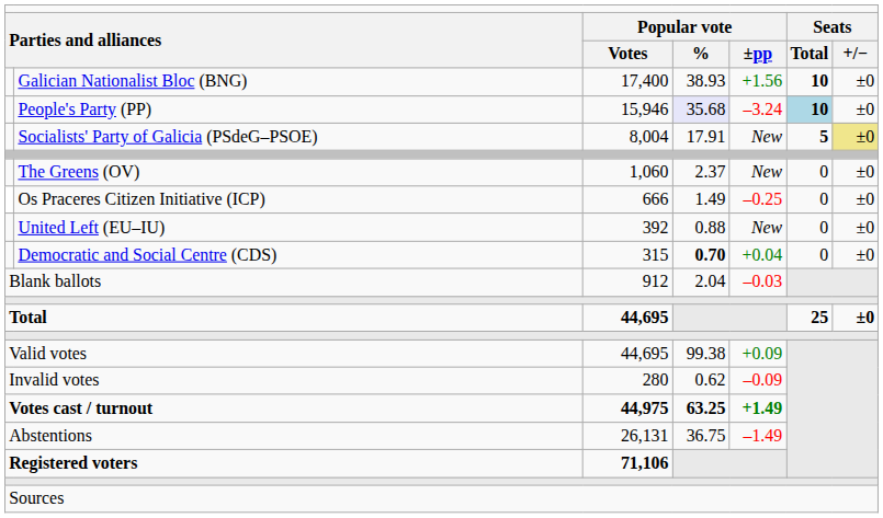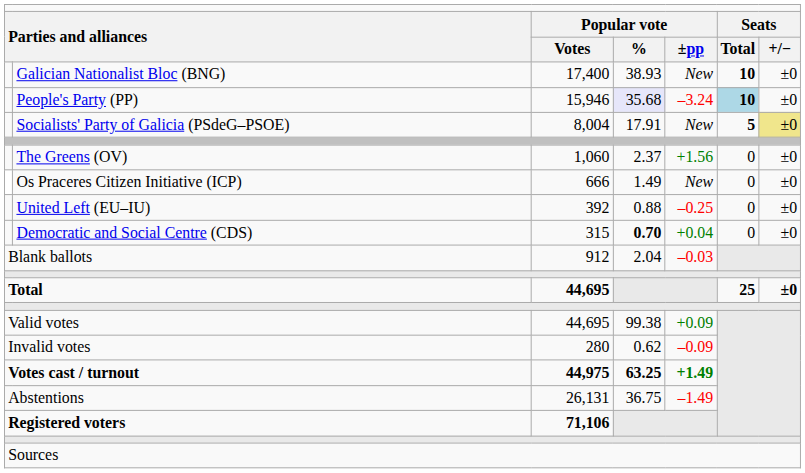 <table class="wikitable" style="text-align:right;">
 <tr>
 <td colspan="7"></td>
 </tr>
 <tr>
 <th style="text-align:left;" rowspan="2" colspan="2" width="525">Parties and alliances</th>
 <th colspan="3">Popular vote</th>
 <th colspan="2">Seats</th>
 </tr>
 <tr>
 <th width="75">Votes</th>
 <th width="45">%</th>
 <th width="45">±<a href='#'>pp</a></th>
 <th width="35">Total</th>
 <th width="35">+/−</th>
 </tr>
 <tr>
 <td width="1" style="color:inherit;background:"></td>
 <td align="left"><a href='#'>Galician Nationalist Bloc</a> (BNG)</td>
 <td>17,400</td>
 <td>38.93</td>
-<td style="color:green;">+1.56</td>
+<td><em>New</em></td>
 <td><strong>10</strong></td>
 <td>±0</td>
 </tr>
 <tr>
 <td style="color:inherit;background:"></td>
 <td align="left"><a href='#'>People's Party</a> (PP)</td>
 <td>15,946</td>
 <td style="background: lavender;">35.68</td>
 <td style="color:red;">–3.24</td>
 <td style="background: lightblue;"><strong>10</strong></td>
 <td>±0</td>
 </tr>
 <tr>
 <td style="color:inherit;background:"></td>
 <td align="left"><a href='#'>Socialists' Party of Galicia</a> (PSdeG–PSOE)</td>
 <td>8,004</td>
 <td>17.91</td>
 <td><em>New</em></td>
 <td><strong>5</strong></td>
 <td style="background: khaki;">±0</td>
 </tr>
 <tr>
 <td colspan="7" bgcolor="#C0C0C0"></td>
 </tr>
 <tr>
 <td style="color:inherit;background:"></td>
 <td align="left"><a href='#'>The Greens</a> (OV)</td>
 <td>1,060</td>
 <td>2.37</td>
-<td><em>New</em></td>
+<td style="color:green;">+1.56</td>
 <td>0</td>
 <td>±0</td>
 </tr>
 <tr>
 <td bgcolor="white"></td>
 <td align="left">Os Praceres Citizen Initiative (ICP)</td>
 <td>666</td>
 <td>1.49</td>
-<td style="color:red;">–0.25</td>
+<td><em>New</em></td>
 <td>0</td>
 <td>±0</td>
 </tr>
 <tr>
 <td style="color:inherit;background:"></td>
 <td align="left"><a href='#'>United Left</a> (EU–IU)</td>
 <td>392</td>
 <td>0.88</td>
-<td><em>New</em></td>
+<td style="color:red;">–0.25</td>
 <td>0</td>
 <td>±0</td>
 </tr>
 <tr>
 <td style="color:inherit;background:"></td>
 <td align="left"><a href='#'>Democratic and Social Centre</a> (CDS)</td>
 <td>315</td>
 <td><strong>0.70</strong></td>
 <td style="color:green;">+0.04</td>
 <td>0</td>
 <td>±0</td>
 </tr>
 <tr>
 <td align="left" colspan="2">Blank ballots</td>
 <td>912</td>
 <td>2.04</td>
 <td style="color:red;">–0.03</td>
 <td bgcolor="#E9E9E9" colspan="2"></td>
 </tr>
 <tr>
 <td colspan="7" bgcolor="#E9E9E9"></td>
 </tr>
 <tr style="font-weight:bold;">
 <td align="left" colspan="2">Total</td>
 <td>44,695</td>
 <td bgcolor="#E9E9E9" colspan="2"></td>
 <td>25</td>
 <td>±0</td>
 </tr>
 <tr>
 <td colspan="7" bgcolor="#E9E9E9"></td>
 </tr>
 <tr>
 <td align="left" colspan="2">Valid votes</td>
 <td>44,695</td>
 <td>99.38</td>
 <td style="color:green;">+0.09</td>
 <td bgcolor="#E9E9E9" colspan="2" rowspan="5"></td>
 </tr>
 <tr>
 <td align="left" colspan="2">Invalid votes</td>
 <td>280</td>
 <td>0.62</td>
 <td style="color:red;">–0.09</td>
 </tr>
 <tr style="font-weight:bold;">
 <td align="left" colspan="2">Votes cast / turnout</td>
 <td>44,975</td>
 <td>63.25</td>
 <td style="color:green;">+1.49</td>
 </tr>
 <tr>
 <td align="left" colspan="2">Abstentions</td>
 <td>26,131</td>
 <td>36.75</td>
 <td style="color:red;">–1.49</td>
 </tr>
 <tr style="font-weight:bold;">
 <td align="left" colspan="2">Registered voters</td>
 <td>71,106</td>
 <td bgcolor="#E9E9E9" colspan="2"></td>
 </tr>
 <tr>
 <td colspan="7" bgcolor="#E9E9E9"></td>
 </tr>
 <tr>
 <td align="left" colspan="7">Sources</td>
 </tr>
 </table>
